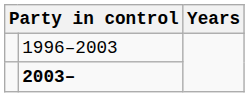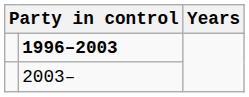 <table class="wikitable">
 <tr>
 <th colspan="2">Party in control</th>
 <th>Years</th>
 </tr>
 <tr>
 <td></td>
-<td>1996–2003</td>
+<td><strong>1996–2003</strong></td>
 </tr>
 <tr>
 <td></td>
-<td><strong>2003–</strong></td>
+<td>2003–</td>
 </tr>
 </table>
